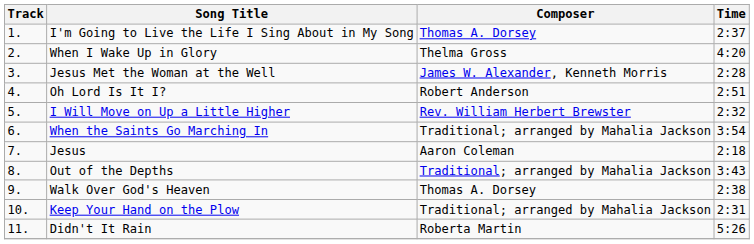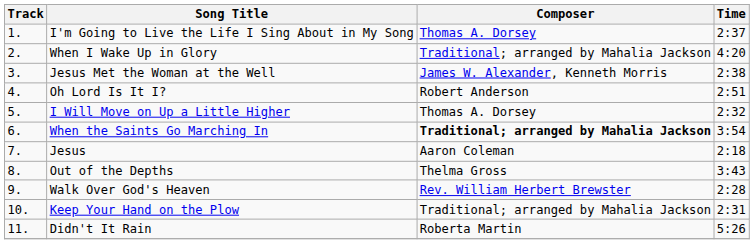 <table class="wikitable" style="font-size: 95%;">
 <tr>
 <th>Track</th>
 <th>Song Title</th>
 <th>Composer</th>
 <th>Time</th>
 </tr>
 <tr>
 <td>1.</td>
 <td>I'm Going to Live the Life I Sing About in My Song</td>
 <td><a href='#'>Thomas A. Dorsey</a></td>
 <td>2:37</td>
 </tr>
 <tr>
 <td>2.</td>
 <td>When I Wake Up in Glory</td>
-<td>Thelma Gross</td>
+<td><a href='#'>Traditional</a>; arranged by Mahalia Jackson</td>
 <td>4:20</td>
 </tr>
 <tr>
 <td>3.</td>
 <td>Jesus Met the Woman at the Well</td>
 <td><a href='#'>James W. Alexander</a>, Kenneth Morris</td>
-<td>2:28</td>
+<td>2:38</td>
 </tr>
 <tr>
 <td>4.</td>
 <td>Oh Lord Is It I?</td>
 <td>Robert Anderson</td>
 <td>2:51</td>
 </tr>
 <tr>
 <td>5.</td>
 <td><a href='#'>I Will Move on Up a Little Higher</a></td>
-<td><a href='#'>Rev. William Herbert Brewster</a></td>
+<td>Thomas A. Dorsey</td>
 <td>2:32</td>
 </tr>
 <tr>
 <td>6.</td>
 <td><a href='#'>When the Saints Go Marching In</a></td>
-<td>Traditional; arranged by Mahalia Jackson</td>
+<td><strong>Traditional; arranged by Mahalia Jackson</strong></td>
 <td>3:54</td>
 </tr>
 <tr>
 <td>7.</td>
 <td>Jesus</td>
 <td>Aaron Coleman</td>
 <td>2:18</td>
 </tr>
 <tr>
 <td>8.</td>
 <td>Out of the Depths</td>
-<td><a href='#'>Traditional</a>; arranged by Mahalia Jackson</td>
+<td>Thelma Gross</td>
 <td>3:43</td>
 </tr>
 <tr>
 <td>9.</td>
 <td>Walk Over God's Heaven</td>
-<td>Thomas A. Dorsey</td>
-<td>2:38</td>
+<td><a href='#'>Rev. William Herbert Brewster</a></td>
+<td>2:28</td>
 </tr>
 <tr>
 <td>10.</td>
 <td><a href='#'>Keep Your Hand on the Plow</a></td>
 <td>Traditional; arranged by Mahalia Jackson</td>
 <td>2:31</td>
 </tr>
 <tr>
 <td>11.</td>
 <td>Didn't It Rain</td>
 <td>Roberta Martin</td>
 <td>5:26</td>
 </tr>
 <tr>
 </tr>
 </table>
